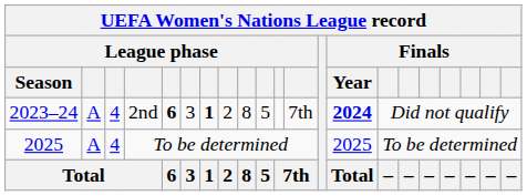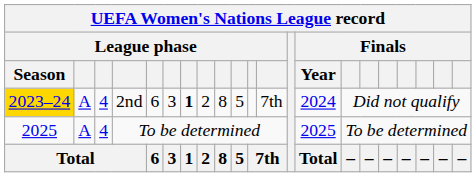 <table class="wikitable" style="text-align:center">
 <tr>
 <th colspan="22"><a href='#'>UEFA Women's Nations League</a> record</th>
 </tr>
 <tr>
 <th colspan="12">League phase</th>
 <th rowspan="5"></th>
 <th colspan="9">Finals</th>
 </tr>
 <tr>
 <th>Season</th>
 <th></th>
 <th></th>
 <th></th>
 <th></th>
 <th></th>
 <th></th>
 <th></th>
 <th></th>
 <th></th>
 <th></th>
 <th></th>
 <th>Year</th>
 <th></th>
 <th></th>
 <th></th>
 <th></th>
 <th></th>
 <th></th>
 <th></th>
 </tr>
 <tr>
-<td><a href='#'>2023–24</a></td>
+<td style="background: gold;"><a href='#'>2023–24</a></td>
 <td><a href='#'>A</a></td>
 <td><a href='#'>4</a></td>
 <td>2nd</td>
-<td><strong>6</strong></td>
+<td>6</td>
 <td>3</td>
 <td><strong>1</strong></td>
 <td>2</td>
 <td>8</td>
 <td>5</td>
 <td></td>
 <td>7th</td>
-<td><strong> <a href='#'>2024</a></strong></td>
+<td> <a href='#'>2024</a></td>
 <td colspan="8"><em>Did not qualify</em></td>
 </tr>
 <tr>
 <td><a href='#'>2025</a></td>
 <td><a href='#'>A</a></td>
 <td><a href='#'>4</a></td>
 <td colspan="9"><em>To be determined</em></td>
 <td> <a href='#'>2025</a></td>
 <td colspan="7"><em>To be determined</em></td>
 </tr>
 <tr>
 <th colspan="4">Total</th>
 <th>6</th>
 <th>3</th>
 <th>1</th>
 <th>2</th>
 <th>8</th>
 <th>5</th>
 <th colspan=2>7th</th>
 <th>Total</th>
 <th>–</th>
 <th>–</th>
 <th>–</th>
 <th>–</th>
 <th>–</th>
 <th>–</th>
 <th>–</th>
 </tr>
 </table>
